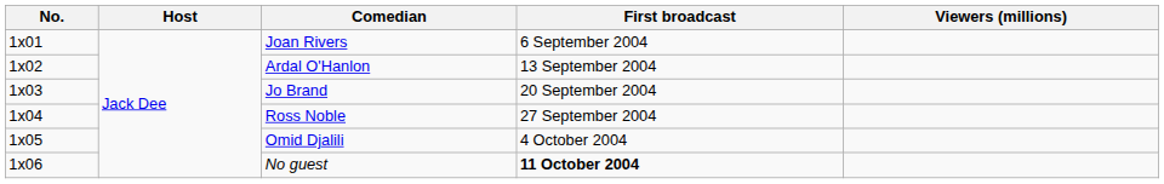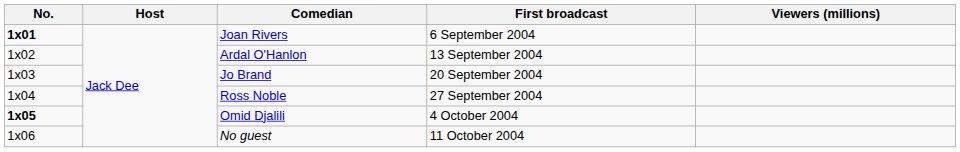 <table class="wikitable" style="width:60%;">
 <tr>
 <th>No.</th>
 <th>Host</th>
 <th>Comedian</th>
 <th>First broadcast</th>
 <th>Viewers (millions)</th>
 </tr>
 <tr>
-<td>1x01</td>
+<td><strong>1x01</strong></td>
 <td rowspan="6"><a href='#'>Jack Dee</a></td>
 <td><a href='#'>Joan Rivers</a></td>
 <td>6 September 2004</td>
 <td></td>
 </tr>
 <tr>
 <td>1x02</td>
 <td><a href='#'>Ardal O'Hanlon</a></td>
 <td>13 September 2004</td>
 <td></td>
 </tr>
 <tr>
 <td>1x03</td>
 <td><a href='#'>Jo Brand</a></td>
 <td>20 September 2004</td>
 <td></td>
 </tr>
 <tr>
 <td>1x04</td>
 <td><a href='#'>Ross Noble</a></td>
 <td>27 September 2004</td>
 <td></td>
 </tr>
 <tr>
-<td>1x05</td>
+<td><strong>1x05</strong></td>
 <td><a href='#'>Omid Djalili</a></td>
 <td>4 October 2004</td>
 <td></td>
 </tr>
 <tr>
 <td>1x06</td>
 <td><em>No guest</em></td>
-<td><strong>11 October 2004</strong></td>
+<td>11 October 2004</td>
 <td></td>
 </tr>
 </table>
